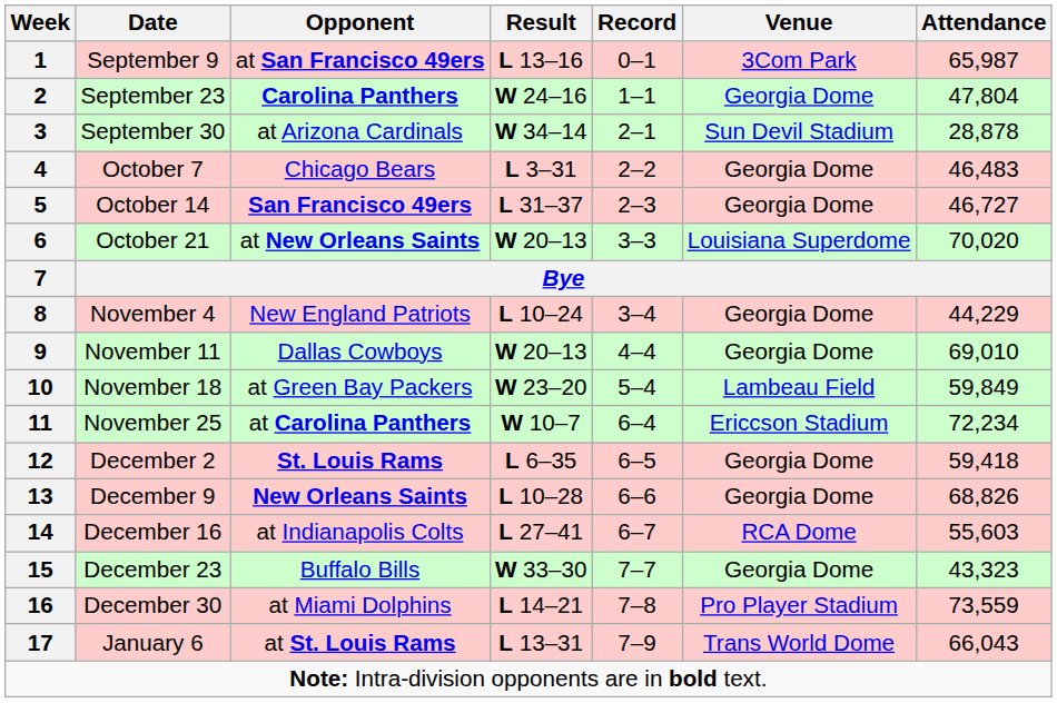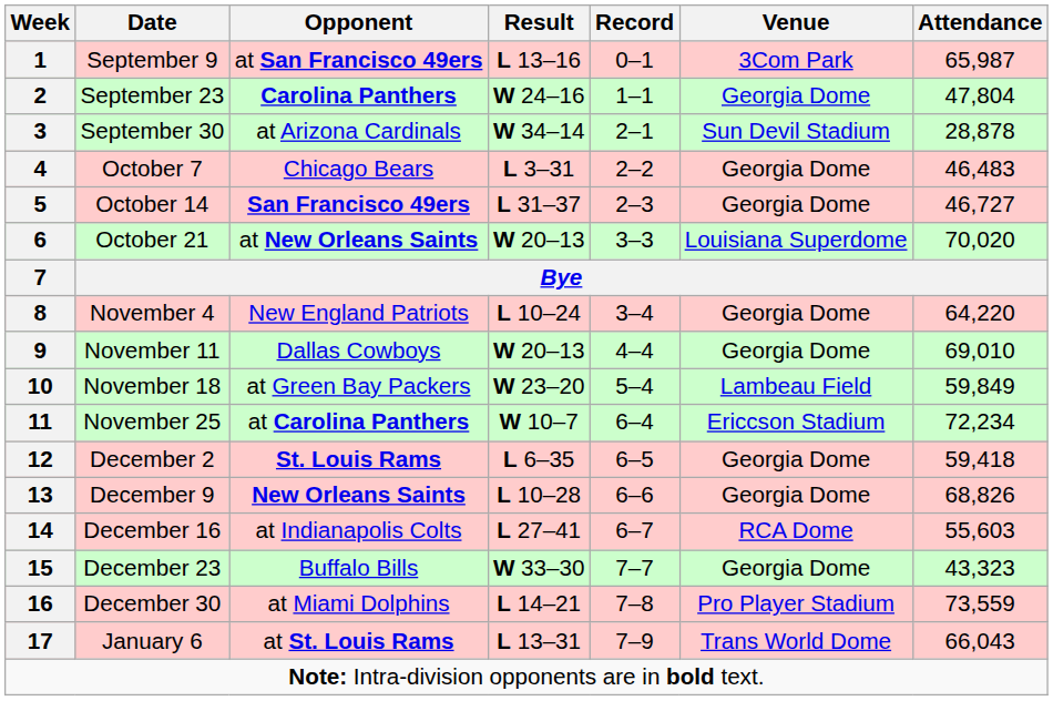 <table class="wikitable" style="text-align:center">
 <tr>
 <th>Week</th>
 <th>Date</th>
 <th>Opponent</th>
 <th>Result</th>
 <th>Record</th>
 <th>Venue</th>
 <th>Attendance</th>
 </tr>
 <tr style="background:#fcc">
 <th>1</th>
 <td>September 9</td>
 <td>at <strong><a href='#'>San Francisco 49ers</a></strong></td>
 <td><strong>L</strong> 13–16 </td>
 <td>0–1</td>
 <td><a href='#'>3Com Park</a></td>
 <td>65,987</td>
 </tr>
 <tr style="background:#cfc">
 <th>2</th>
 <td>September 23</td>
 <td><strong><a href='#'>Carolina Panthers</a></strong></td>
 <td><strong>W</strong> 24–16</td>
 <td>1–1</td>
 <td><a href='#'>Georgia Dome</a></td>
 <td>47,804</td>
 </tr>
 <tr style="background:#cfc">
 <th>3</th>
 <td>September 30</td>
 <td>at <a href='#'>Arizona Cardinals</a></td>
 <td><strong>W</strong> 34–14</td>
 <td>2–1</td>
 <td><a href='#'>Sun Devil Stadium</a></td>
 <td>28,878</td>
 </tr>
 <tr style="background:#fcc">
 <th>4</th>
 <td>October 7</td>
 <td><a href='#'>Chicago Bears</a></td>
 <td><strong>L</strong> 3–31</td>
 <td>2–2</td>
 <td>Georgia Dome</td>
 <td>46,483</td>
 </tr>
 <tr style="background:#fcc">
 <th>5</th>
 <td>October 14</td>
 <td><strong><a href='#'>San Francisco 49ers</a></strong></td>
 <td><strong>L</strong> 31–37 </td>
 <td>2–3</td>
 <td>Georgia Dome</td>
 <td>46,727</td>
 </tr>
 <tr style="background:#cfc">
 <th>6</th>
 <td>October 21</td>
 <td>at <strong><a href='#'>New Orleans Saints</a></strong></td>
 <td><strong>W</strong> 20–13</td>
 <td>3–3</td>
 <td><a href='#'>Louisiana Superdome</a></td>
 <td>70,020</td>
 </tr>
 <tr>
 <th>7</th>
 <th colspan=7><em><a href='#'>Bye</a></em></th>
 </tr>
 <tr style="background:#fcc">
 <th>8</th>
 <td>November 4</td>
 <td><a href='#'>New England Patriots</a></td>
 <td><strong>L</strong> 10–24</td>
 <td>3–4</td>
 <td>Georgia Dome</td>
-<td>44,229</td>
+<td>64,220</td>
 </tr>
 <tr style="background:#cfc">
 <th>9</th>
 <td>November 11</td>
 <td><a href='#'>Dallas Cowboys</a></td>
 <td><strong>W</strong> 20–13</td>
 <td>4–4</td>
 <td>Georgia Dome</td>
 <td>69,010</td>
 </tr>
 <tr style="background:#cfc">
 <th>10</th>
 <td>November 18</td>
 <td>at <a href='#'>Green Bay Packers</a></td>
 <td><strong>W</strong> 23–20</td>
 <td>5–4</td>
 <td><a href='#'>Lambeau Field</a></td>
 <td>59,849</td>
 </tr>
 <tr style="background:#cfc">
 <th>11</th>
 <td>November 25</td>
 <td>at <strong><a href='#'>Carolina Panthers</a></strong></td>
 <td><strong>W</strong> 10–7</td>
 <td>6–4</td>
 <td><a href='#'>Ericcson Stadium</a></td>
 <td>72,234</td>
 </tr>
 <tr style="background:#fcc">
 <th>12</th>
 <td>December 2</td>
 <td><strong><a href='#'>St. Louis Rams</a></strong></td>
 <td><strong>L</strong> 6–35</td>
 <td>6–5</td>
 <td>Georgia Dome</td>
 <td>59,418</td>
 </tr>
 <tr style="background:#fcc">
 <th>13</th>
 <td>December 9</td>
 <td><strong><a href='#'>New Orleans Saints</a></strong></td>
 <td><strong>L</strong> 10–28</td>
 <td>6–6</td>
 <td>Georgia Dome</td>
 <td>68,826</td>
 </tr>
 <tr style="background:#fcc">
 <th>14</th>
 <td>December 16</td>
 <td>at <a href='#'>Indianapolis Colts</a></td>
 <td><strong>L</strong> 27–41</td>
 <td>6–7</td>
 <td><a href='#'>RCA Dome</a></td>
 <td>55,603</td>
 </tr>
 <tr style="background:#cfc">
 <th>15</th>
 <td>December 23</td>
 <td><a href='#'>Buffalo Bills</a></td>
 <td><strong>W</strong> 33–30</td>
 <td>7–7</td>
 <td>Georgia Dome</td>
 <td>43,323</td>
 </tr>
 <tr style="background:#fcc">
 <th>16</th>
 <td>December 30</td>
 <td>at <a href='#'>Miami Dolphins</a></td>
 <td><strong>L</strong> 14–21</td>
 <td>7–8</td>
 <td><a href='#'>Pro Player Stadium</a></td>
 <td>73,559</td>
 </tr>
 <tr style="background:#fcc">
 <th>17</th>
 <td>January 6</td>
 <td>at <strong><a href='#'>St. Louis Rams</a></strong></td>
 <td><strong>L</strong> 13–31</td>
 <td>7–9</td>
 <td><a href='#'>Trans World Dome</a></td>
 <td>66,043</td>
 </tr>
 <tr>
 <td colspan="7"><strong>Note:</strong> Intra-division opponents are in <strong>bold</strong> text.</td>
 </tr>
 </table>
